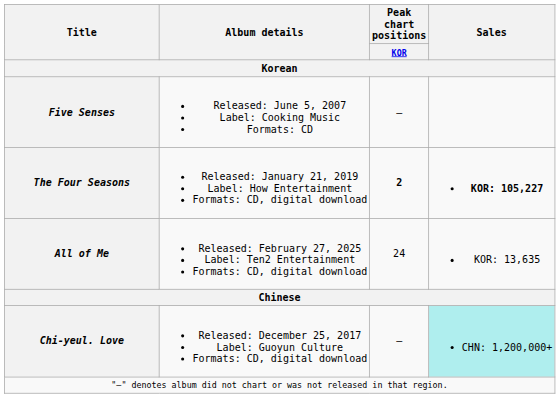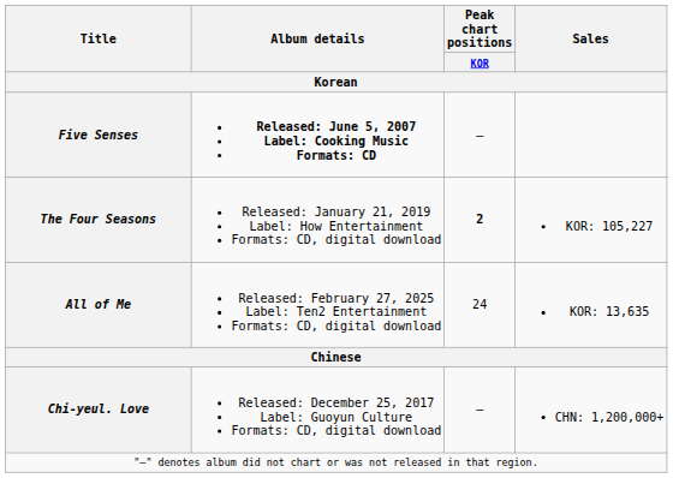 <table class="wikitable plainrowheaders" style="text-align:center;">
 <tr>
 <th scope="col" rowspan="2" style="width:15em;">Title</th>
 <th scope="col" rowspan="2">Album details</th>
 <th scope="col" colspan="1" style="width:5em;">Peak chart positions</th>
 <th scope="col" rowspan="2">Sales</th>
 </tr>
 <tr>
 <th><small><a href='#'>KOR</a></small><br></th>
 </tr>
 <tr>
 <th colspan="4">Korean</th>
 </tr>
 <tr>
 <th scope="row"><em>Five Senses</em></th>
-<td><br><ul><li>Released: June 5, 2007</li><li>Label: Cooking Music</li><li>Formats: CD</li></ul></td>
+<td><strong><br><ul><li>Released: June 5, 2007</li><li>Label: Cooking Music</li><li>Formats: CD</li></ul></strong></td>
 <td>—</td>
 <td></td>
 </tr>
 <tr>
 <th scope="row"><em>The Four Seasons</em></th>
 <td><br><ul><li>Released: January 21, 2019</li><li>Label: How Entertainment</li><li>Formats: CD, digital download</li></ul></td>
 <td><strong>2</strong></td>
-<td><strong><br><ul><li>KOR: 105,227</li></ul></strong></td>
+<td><br><ul><li>KOR: 105,227</li></ul></td>
 </tr>
 <tr>
 <th scope="row"><em>All of Me</em></th>
 <td><br><ul><li>Released: February 27, 2025</li><li>Label: Ten2 Entertainment</li><li>Formats: CD, digital download</li></ul></td>
 <td>24</td>
 <td><br><ul><li>KOR: 13,635</li></ul></td>
 </tr>
 <tr>
 <th colspan="4">Chinese</th>
 </tr>
 <tr>
 <th scope="row"><em>Chi-yeul. Love</em></th>
 <td><br><ul><li>Released: December 25, 2017</li><li>Label: Guoyun Culture</li><li>Formats: CD, digital download</li></ul></td>
 <td>—</td>
-<td style="background: paleturquoise;"><br><ul><li>CHN: 1,200,000+</li></ul></td>
+<td><br><ul><li>CHN: 1,200,000+</li></ul></td>
 </tr>
 <tr>
 <td colspan="4"><small>"—" denotes album did not chart or was not released in that region.</small></td>
 </tr>
 </table>
